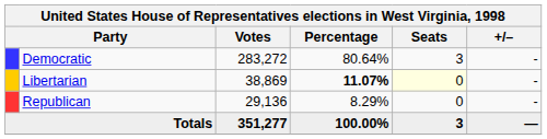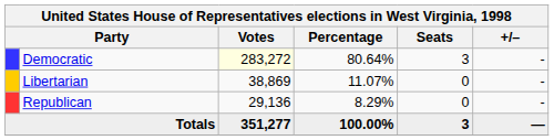 <table class="wikitable" style="font-size: 95%;">
 <tr>
 <th colspan="6">United States House of Representatives elections in West Virginia, 1998</th>
 </tr>
 <tr>
 <th colspan=2 style="width: 15em">Party</th>
 <th style="width: 5em">Votes</th>
 <th style="width: 7em">Percentage</th>
 <th style="width: 5em">Seats</th>
 <th style="width: 5em">+/–</th>
 </tr>
 <tr>
 <th style="background-color:#3333FF; width: 3px"></th>
 <td style="width: 130px"><a href='#'>Democratic</a></td>
-<td align="right">283,272</td>
+<td align="right" style="background: lightyellow;">283,272</td>
 <td align="right">80.64%</td>
 <td align="right">3</td>
 <td align="right">-</td>
 </tr>
 <tr>
 <th style="background-color:#FFCC00; width: 3px"></th>
 <td style="width: 130px"><a href='#'>Libertarian</a></td>
 <td align="right">38,869</td>
-<td align="right"><strong>11.07%</strong></td>
-<td align="right" style="background: lightyellow;">0</td>
+<td align="right">11.07%</td>
+<td align="right">0</td>
 <td align="right">-</td>
 </tr>
 <tr>
 <th style="background-color:#FF3333; width: 3px"></th>
 <td style="width: 130px"><a href='#'>Republican</a></td>
 <td align="right">29,136</td>
 <td align="right">8.29%</td>
 <td align="right">0</td>
 <td align="right">-</td>
 </tr>
 <tr bgcolor="#EEEEEE">
 <td colspan="2" align="right"><strong>Totals</strong></td>
 <td align="right"><strong>351,277</strong></td>
 <td align="right"><strong>100.00%</strong></td>
 <td align="right"><strong>3</strong></td>
 <td align="right"><strong>—</strong></td>
 </tr>
 <tr bgcolor="#EEEEEE">
 </tr>
 </table>
